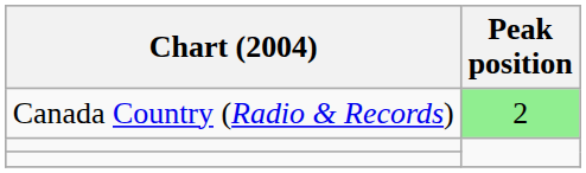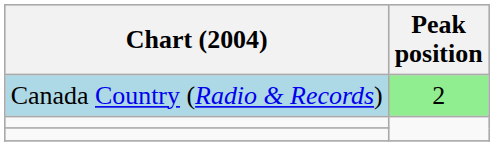 <table class="wikitable sortable">
 <tr>
 <th align="left">Chart (2004)</th>
 <th align="center">Peak<br>position</th>
 </tr>
 <tr>
-<td align="left">Canada <a href='#'>Country</a> (<em><a href='#'>Radio & Records</a></em>)</td>
+<td align="left" style="background: lightblue;">Canada <a href='#'>Country</a> (<em><a href='#'>Radio & Records</a></em>)</td>
 <td align="center" style="background: lightgreen;">2</td>
 </tr>
 <tr>
 <td></td>
 </tr>
 <tr>
 <td></td>
 </tr>
 </table>
